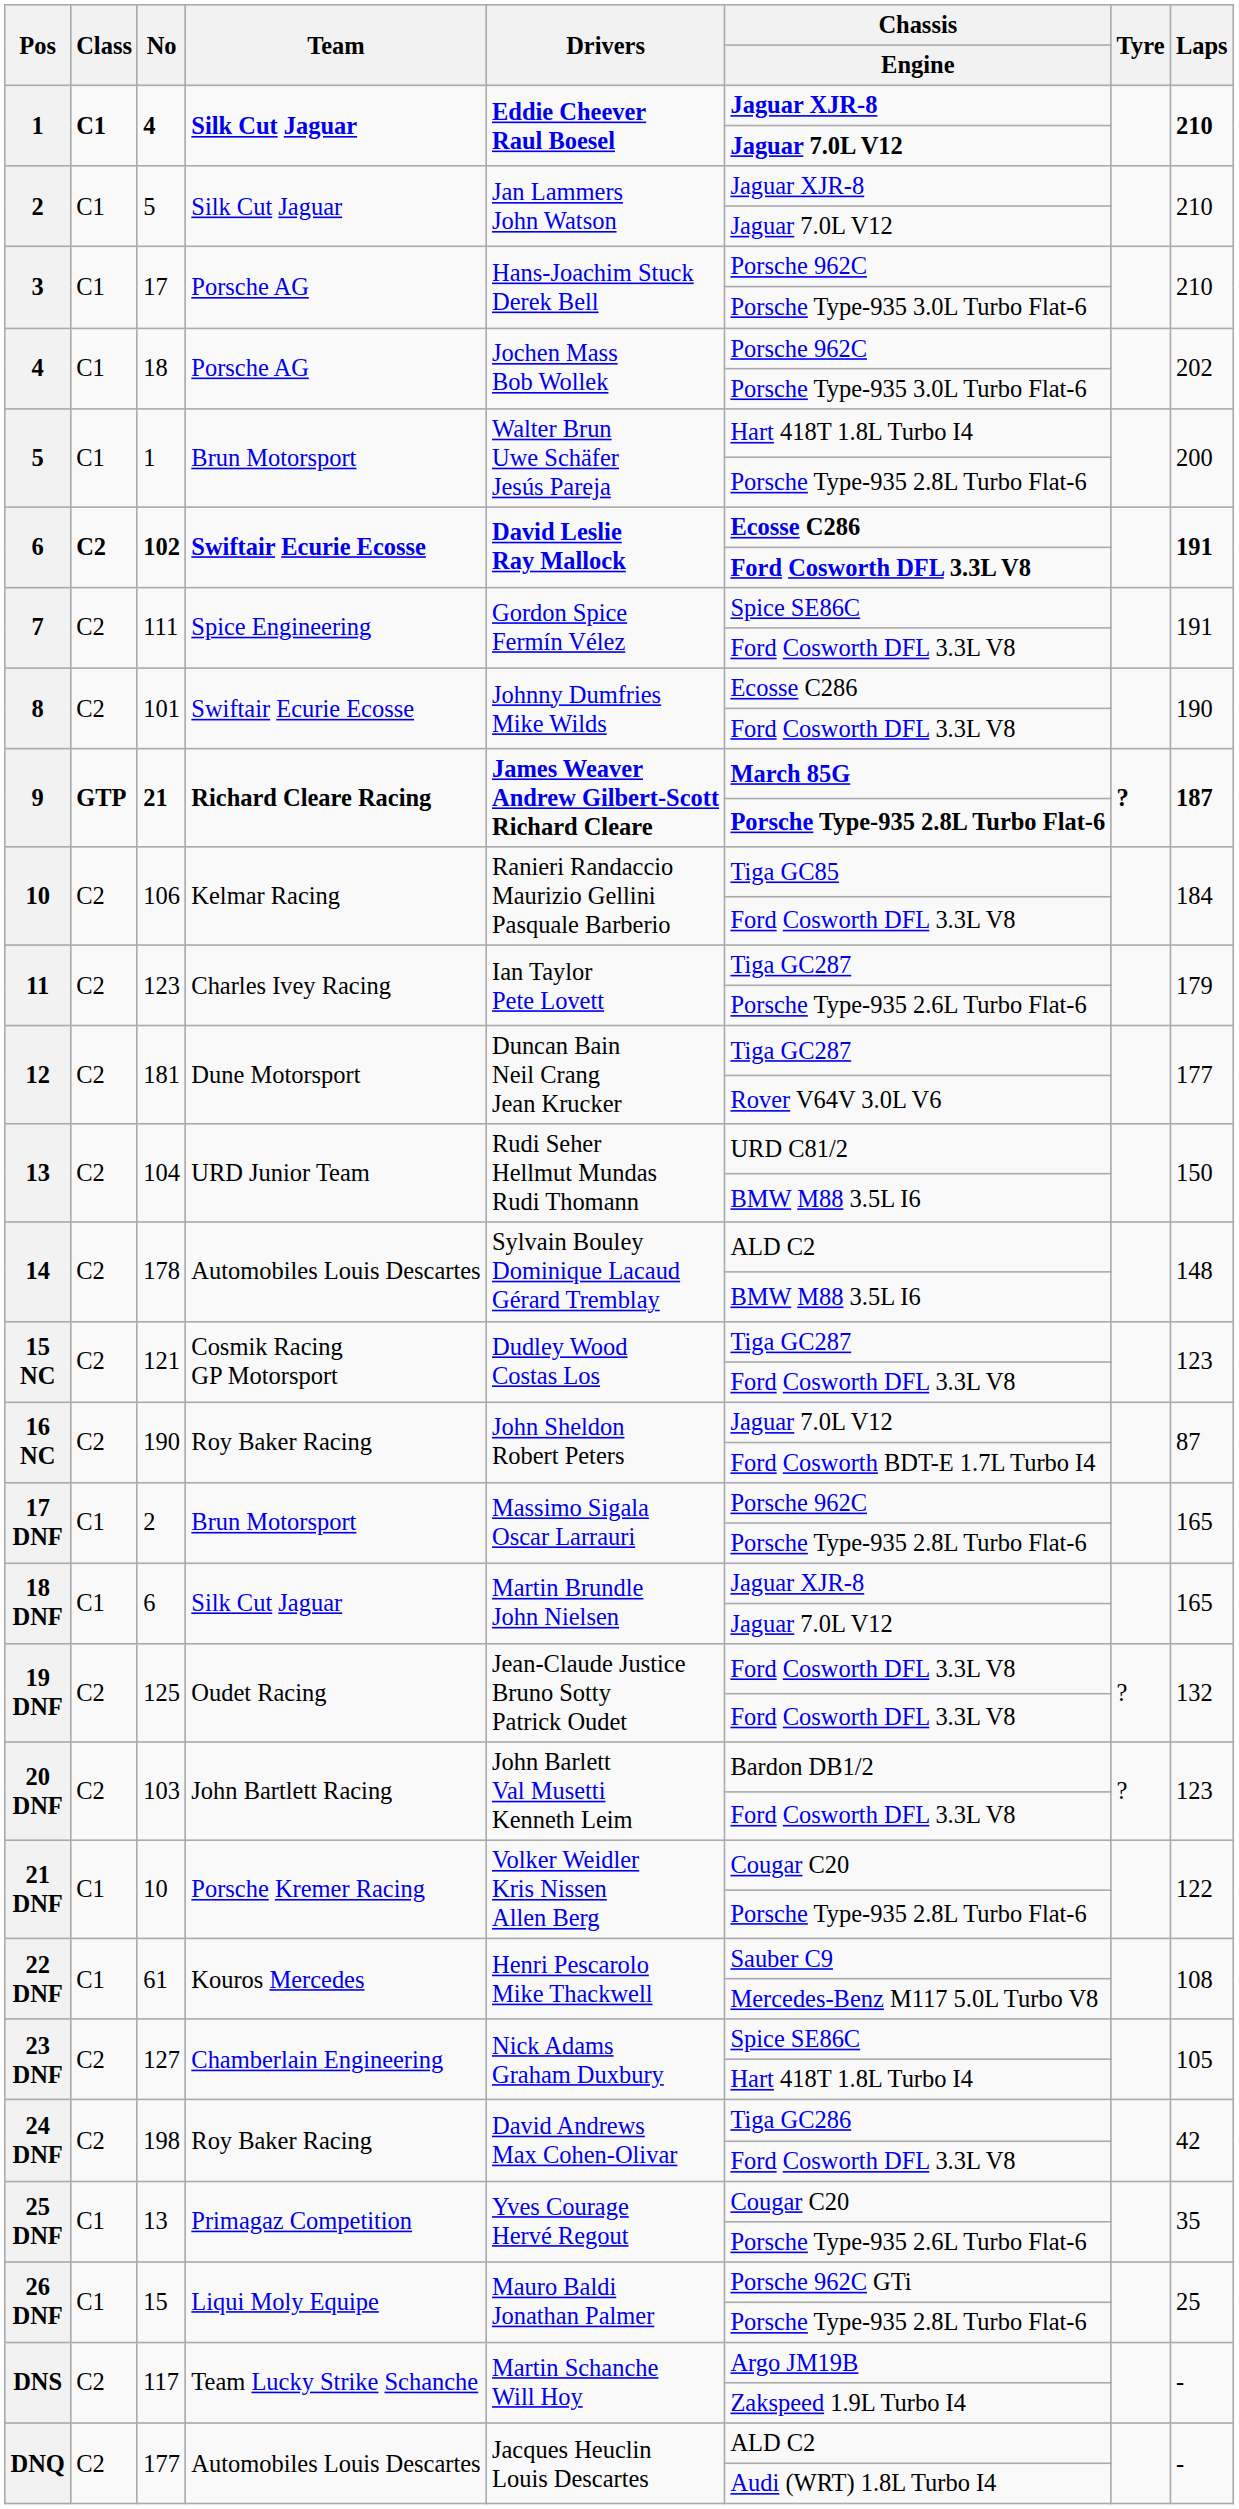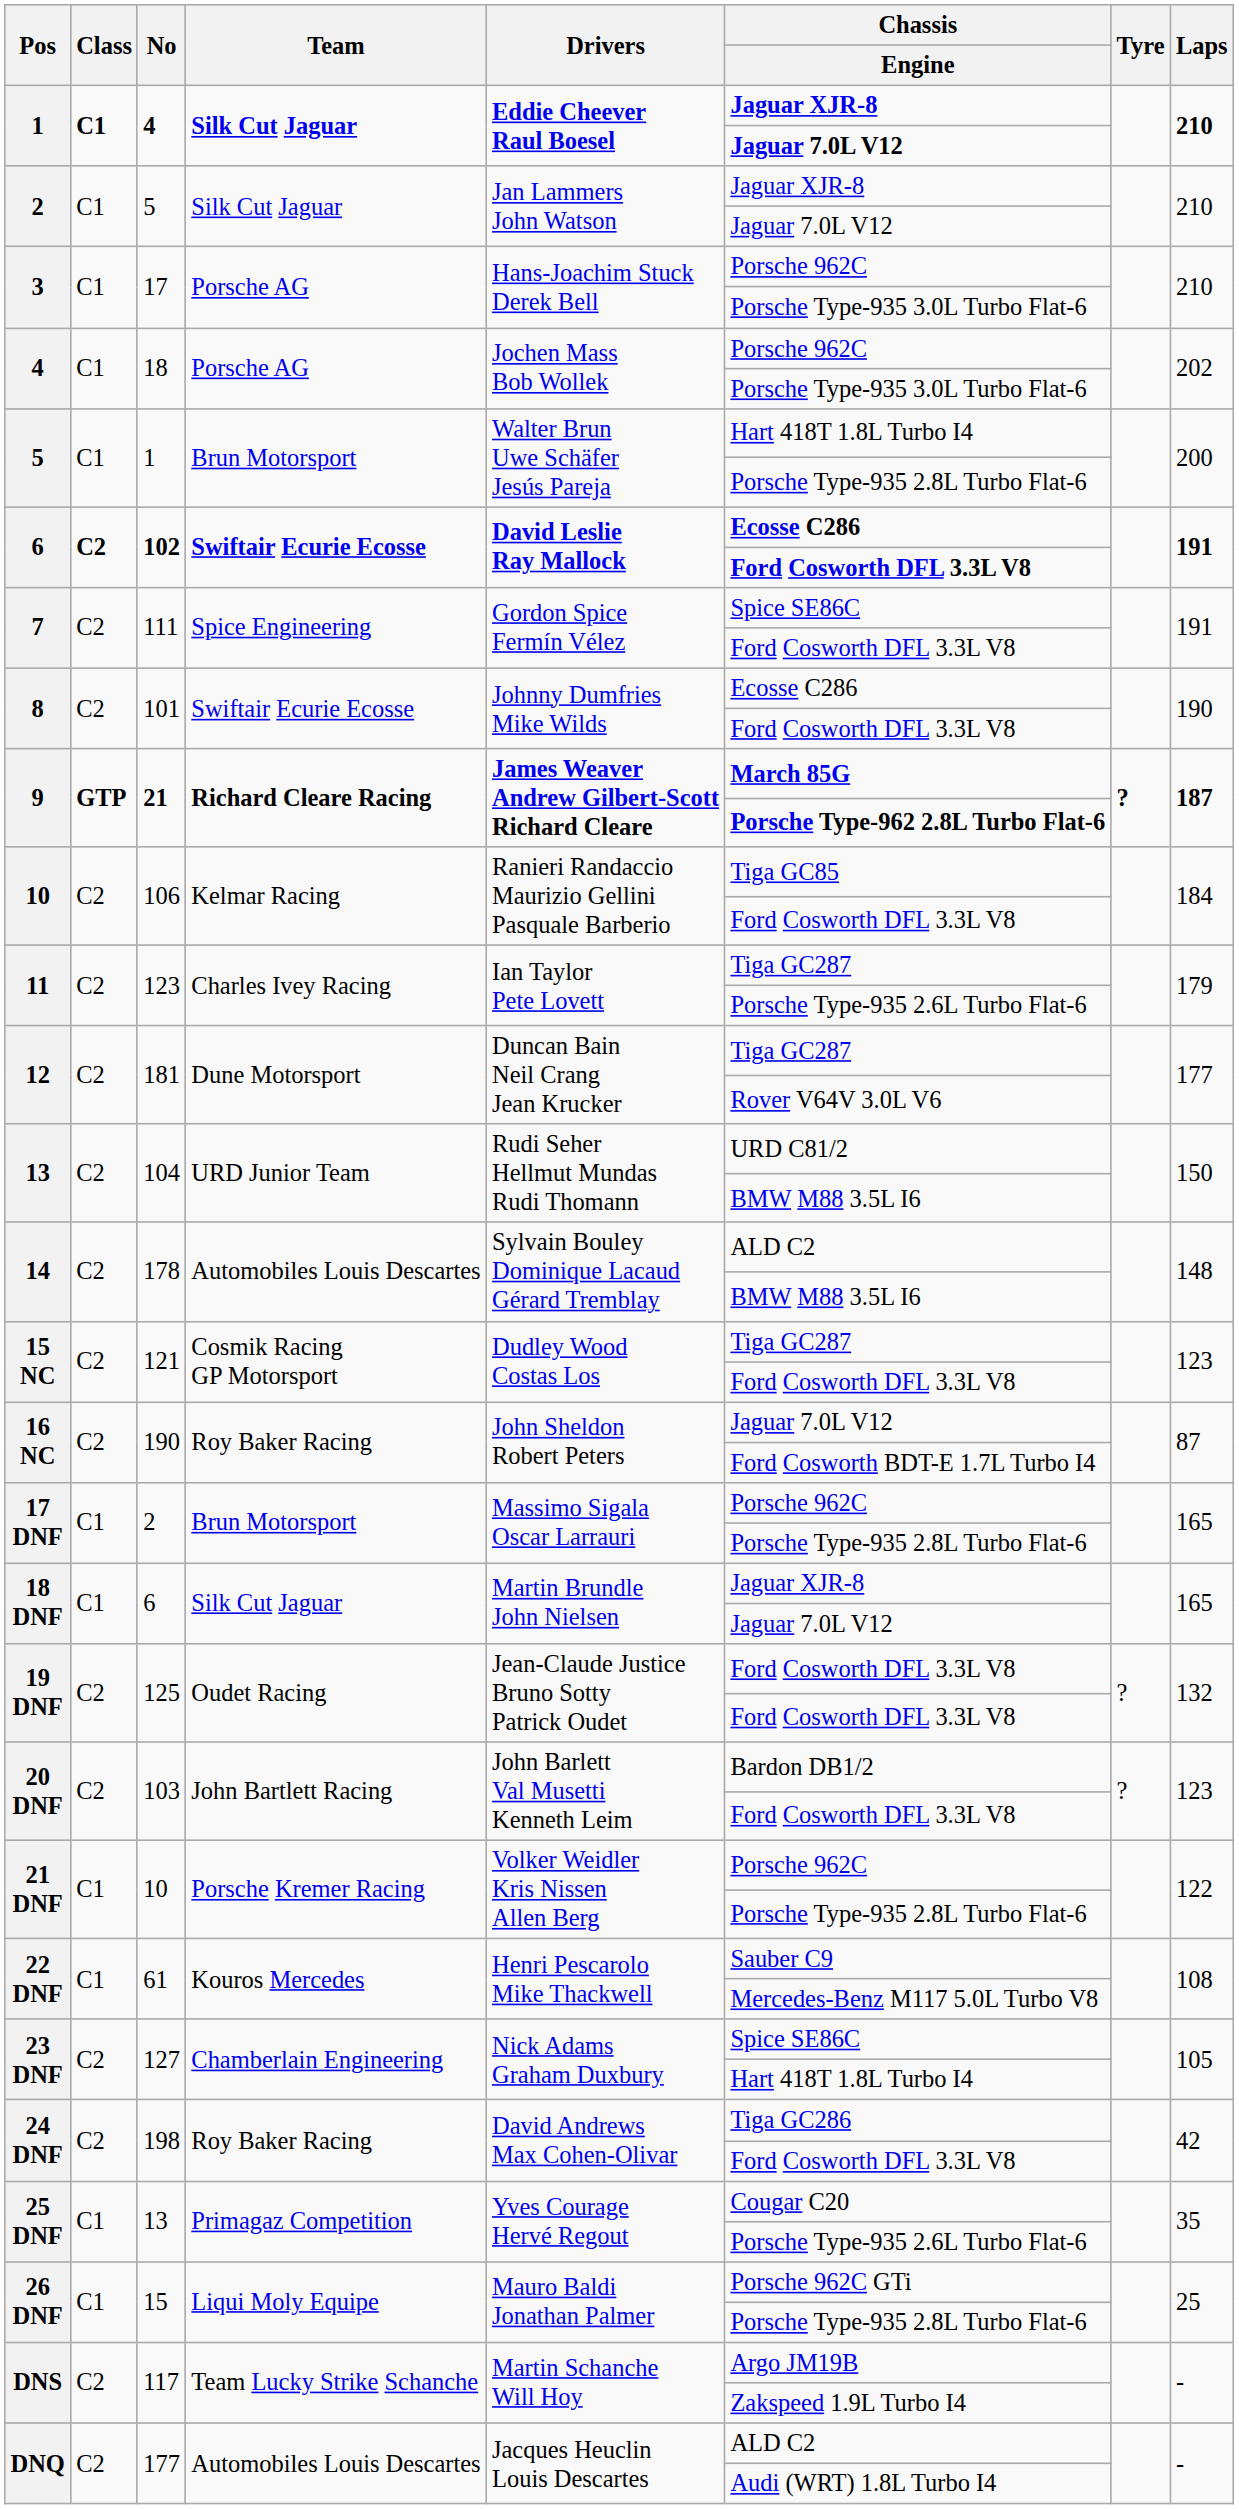 <table class="wikitable" style="font-size: 95%;">
 <tr>
 <th rowspan=2>Pos</th>
 <th rowspan=2>Class</th>
 <th rowspan=2>No</th>
 <th rowspan=2>Team</th>
 <th rowspan=2>Drivers</th>
 <th>Chassis</th>
 <th rowspan=2>Tyre</th>
 <th rowspan=2>Laps</th>
 </tr>
 <tr>
 <th>Engine</th>
 </tr>
 <tr style="font-weight:bold">
 <th rowspan=2>1</th>
 <td rowspan=2>C1</td>
 <td rowspan=2>4</td>
 <td rowspan=2> <a href='#'>Silk Cut</a> <a href='#'>Jaguar</a></td>
 <td rowspan=2> <a href='#'>Eddie Cheever</a><br> <a href='#'>Raul Boesel</a></td>
 <td><a href='#'>Jaguar XJR-8</a></td>
 <td rowspan=2></td>
 <td rowspan=2>210</td>
 </tr>
 <tr style="font-weight:bold">
 <td><a href='#'>Jaguar</a> 7.0L V12</td>
 </tr>
 <tr>
 <th rowspan=2>2</th>
 <td rowspan=2>C1</td>
 <td rowspan=2>5</td>
 <td rowspan=2> <a href='#'>Silk Cut</a> <a href='#'>Jaguar</a></td>
 <td rowspan=2> <a href='#'>Jan Lammers</a><br> <a href='#'>John Watson</a></td>
 <td><a href='#'>Jaguar XJR-8</a></td>
 <td rowspan=2></td>
 <td rowspan=2>210</td>
 </tr>
 <tr>
 <td><a href='#'>Jaguar</a> 7.0L V12</td>
 </tr>
 <tr>
 <th rowspan=2>3</th>
 <td rowspan=2>C1</td>
 <td rowspan=2>17</td>
 <td rowspan=2> <a href='#'>Porsche AG</a></td>
 <td rowspan=2> <a href='#'>Hans-Joachim Stuck</a><br> <a href='#'>Derek Bell</a></td>
 <td><a href='#'>Porsche 962C</a></td>
 <td rowspan=2></td>
 <td rowspan=2>210</td>
 </tr>
 <tr>
 <td><a href='#'>Porsche</a> Type-935 3.0L Turbo Flat-6</td>
 </tr>
 <tr>
 <th rowspan=2>4</th>
 <td rowspan=2>C1</td>
 <td rowspan=2>18</td>
 <td rowspan=2> <a href='#'>Porsche AG</a></td>
 <td rowspan=2> <a href='#'>Jochen Mass</a><br> <a href='#'>Bob Wollek</a></td>
 <td><a href='#'>Porsche 962C</a></td>
 <td rowspan=2></td>
 <td rowspan=2>202</td>
 </tr>
 <tr>
 <td><a href='#'>Porsche</a> Type-935 3.0L Turbo Flat-6</td>
 </tr>
 <tr>
 <th rowspan=2>5</th>
 <td rowspan=2>C1</td>
 <td rowspan=2>1</td>
 <td rowspan=2> <a href='#'>Brun Motorsport</a></td>
 <td rowspan=2> <a href='#'>Walter Brun</a><br> <a href='#'>Uwe Schäfer</a><br> <a href='#'>Jesús Pareja</a></td>
 <td><a href='#'>Hart</a> 418T 1.8L Turbo I4</td>
 <td rowspan=2></td>
 <td rowspan=2>200</td>
 </tr>
 <tr>
 <td><a href='#'>Porsche</a> Type-935 2.8L Turbo Flat-6</td>
 </tr>
 <tr style="font-weight:bold">
 <th rowspan=2>6</th>
 <td rowspan=2>C2</td>
 <td rowspan=2>102</td>
 <td rowspan=2> <a href='#'>Swiftair</a> <a href='#'>Ecurie Ecosse</a></td>
 <td rowspan=2> <a href='#'>David Leslie</a><br> <a href='#'>Ray Mallock</a></td>
 <td><a href='#'>Ecosse</a> C286</td>
 <td rowspan=2></td>
 <td rowspan=2>191</td>
 </tr>
 <tr style="font-weight:bold">
 <td><a href='#'>Ford</a> <a href='#'>Cosworth DFL</a> 3.3L V8</td>
 </tr>
 <tr>
 <th rowspan=2>7</th>
 <td rowspan=2>C2</td>
 <td rowspan=2>111</td>
 <td rowspan=2> <a href='#'>Spice Engineering</a></td>
 <td rowspan=2> <a href='#'>Gordon Spice</a><br> <a href='#'>Fermín Vélez</a></td>
 <td><a href='#'>Spice SE86C</a></td>
 <td rowspan=2></td>
 <td rowspan=2>191</td>
 </tr>
 <tr>
 <td><a href='#'>Ford</a> <a href='#'>Cosworth DFL</a> 3.3L V8</td>
 </tr>
 <tr>
 <th rowspan=2>8</th>
 <td rowspan=2>C2</td>
 <td rowspan=2>101</td>
 <td rowspan=2> <a href='#'>Swiftair</a> <a href='#'>Ecurie Ecosse</a></td>
 <td rowspan=2> <a href='#'>Johnny Dumfries</a><br> <a href='#'>Mike Wilds</a></td>
 <td><a href='#'>Ecosse</a> C286</td>
 <td rowspan=2></td>
 <td rowspan=2>190</td>
 </tr>
 <tr>
 <td><a href='#'>Ford</a> <a href='#'>Cosworth DFL</a> 3.3L V8</td>
 </tr>
 <tr style="font-weight:bold">
 <th rowspan=2>9</th>
 <td rowspan=2>GTP</td>
 <td rowspan=2>21</td>
 <td rowspan=2> Richard Cleare Racing</td>
 <td rowspan=2> <a href='#'>James Weaver</a><br> <a href='#'>Andrew Gilbert-Scott</a><br> Richard Cleare</td>
 <td><a href='#'>March 85G</a></td>
 <td rowspan=2>?</td>
 <td rowspan=2>187</td>
 </tr>
 <tr style="font-weight:bold">
-<td><a href='#'>Porsche</a> Type-935 2.8L Turbo Flat-6</td>
+<td><a href='#'>Porsche</a> Type-962 2.8L Turbo Flat-6</td>
 </tr>
 <tr>
 <th rowspan=2>10</th>
 <td rowspan=2>C2</td>
 <td rowspan=2>106</td>
 <td rowspan=2> Kelmar Racing</td>
 <td rowspan=2> Ranieri Randaccio<br> Maurizio Gellini<br> Pasquale Barberio</td>
 <td><a href='#'>Tiga GC85</a></td>
 <td rowspan=2></td>
 <td rowspan=2>184</td>
 </tr>
 <tr>
 <td><a href='#'>Ford</a> <a href='#'>Cosworth DFL</a> 3.3L V8</td>
 </tr>
 <tr>
 <th rowspan=2>11</th>
 <td rowspan=2>C2</td>
 <td rowspan=2>123</td>
 <td rowspan=2> Charles Ivey Racing</td>
 <td rowspan=2> Ian Taylor<br> <a href='#'>Pete Lovett</a></td>
 <td><a href='#'>Tiga GC287</a></td>
 <td rowspan=2></td>
 <td rowspan=2>179</td>
 </tr>
 <tr>
 <td><a href='#'>Porsche</a> Type-935 2.6L Turbo Flat-6</td>
 </tr>
 <tr>
 <th rowspan=2>12</th>
 <td rowspan=2>C2</td>
 <td rowspan=2>181</td>
 <td rowspan=2> Dune Motorsport</td>
 <td rowspan=2> Duncan Bain<br> Neil Crang<br> Jean Krucker</td>
 <td><a href='#'>Tiga GC287</a></td>
 <td rowspan=2></td>
 <td rowspan=2>177</td>
 </tr>
 <tr>
 <td><a href='#'>Rover</a> V64V 3.0L V6</td>
 </tr>
 <tr>
 <th rowspan=2>13</th>
 <td rowspan=2>C2</td>
 <td rowspan=2>104</td>
 <td rowspan=2> URD Junior Team</td>
 <td rowspan=2> Rudi Seher<br> Hellmut Mundas<br> Rudi Thomann</td>
 <td>URD C81/2</td>
 <td rowspan=2></td>
 <td rowspan=2>150</td>
 </tr>
 <tr>
 <td><a href='#'>BMW</a> <a href='#'>M88</a> 3.5L I6</td>
 </tr>
 <tr>
 <th rowspan=2>14</th>
 <td rowspan=2>C2</td>
 <td rowspan=2>178</td>
 <td rowspan=2> Automobiles Louis Descartes</td>
 <td rowspan=2> Sylvain Bouley<br> <a href='#'>Dominique Lacaud</a><br> <a href='#'>Gérard Tremblay</a></td>
 <td>ALD C2</td>
 <td rowspan=2></td>
 <td rowspan=2>148</td>
 </tr>
 <tr>
 <td><a href='#'>BMW</a> <a href='#'>M88</a> 3.5L I6</td>
 </tr>
 <tr>
 <th rowspan=2>15<br>NC</th>
 <td rowspan=2>C2</td>
 <td rowspan=2>121</td>
 <td rowspan=2> Cosmik Racing<br> GP Motorsport</td>
 <td rowspan=2> <a href='#'>Dudley Wood</a><br> <a href='#'>Costas Los</a></td>
 <td><a href='#'>Tiga GC287</a></td>
 <td rowspan=2></td>
 <td rowspan=2>123</td>
 </tr>
 <tr>
 <td><a href='#'>Ford</a> <a href='#'>Cosworth DFL</a> 3.3L V8</td>
 </tr>
 <tr>
 <th rowspan=2>16<br>NC</th>
 <td rowspan=2>C2</td>
 <td rowspan=2>190</td>
 <td rowspan=2> Roy Baker Racing</td>
 <td rowspan=2> <a href='#'>John Sheldon</a><br> Robert Peters</td>
 <td><a href='#'>Jaguar</a> 7.0L V12</td>
 <td rowspan=2></td>
 <td rowspan=2>87</td>
 </tr>
 <tr>
 <td><a href='#'>Ford</a> <a href='#'>Cosworth</a> BDT-E 1.7L Turbo I4</td>
 </tr>
 <tr>
 <th rowspan=2>17<br>DNF</th>
 <td rowspan=2>C1</td>
 <td rowspan=2>2</td>
 <td rowspan=2> <a href='#'>Brun Motorsport</a></td>
 <td rowspan=2> <a href='#'>Massimo Sigala</a><br> <a href='#'>Oscar Larrauri</a></td>
 <td><a href='#'>Porsche 962C</a></td>
 <td rowspan=2></td>
 <td rowspan=2>165</td>
 </tr>
 <tr>
 <td><a href='#'>Porsche</a> Type-935 2.8L Turbo Flat-6</td>
 </tr>
 <tr>
 <th rowspan=2>18<br>DNF</th>
 <td rowspan=2>C1</td>
 <td rowspan=2>6</td>
 <td rowspan=2> <a href='#'>Silk Cut</a> <a href='#'>Jaguar</a></td>
 <td rowspan=2> <a href='#'>Martin Brundle</a><br> <a href='#'>John Nielsen</a></td>
 <td><a href='#'>Jaguar XJR-8</a></td>
 <td rowspan=2></td>
 <td rowspan=2>165</td>
 </tr>
 <tr>
 <td><a href='#'>Jaguar</a> 7.0L V12</td>
 </tr>
 <tr>
 <th rowspan=2>19<br>DNF</th>
 <td rowspan=2>C2</td>
 <td rowspan=2>125</td>
 <td rowspan=2> Oudet Racing</td>
 <td rowspan=2> Jean-Claude Justice<br> Bruno Sotty<br> Patrick Oudet</td>
 <td><a href='#'>Ford</a> <a href='#'>Cosworth DFL</a> 3.3L V8</td>
 <td rowspan=2>?</td>
 <td rowspan=2>132</td>
 </tr>
 <tr>
 <td><a href='#'>Ford</a> <a href='#'>Cosworth DFL</a> 3.3L V8</td>
 </tr>
 <tr>
 <th rowspan=2>20<br>DNF</th>
 <td rowspan=2>C2</td>
 <td rowspan=2>103</td>
 <td rowspan=2> John Bartlett Racing</td>
 <td rowspan=2> John Barlett<br> <a href='#'>Val Musetti</a><br> Kenneth Leim</td>
 <td>Bardon DB1/2</td>
 <td rowspan=2>?</td>
 <td rowspan=2>123</td>
 </tr>
 <tr>
 <td><a href='#'>Ford</a> <a href='#'>Cosworth DFL</a> 3.3L V8</td>
 </tr>
 <tr>
 <th rowspan=2>21<br>DNF</th>
 <td rowspan=2>C1</td>
 <td rowspan=2>10</td>
 <td rowspan=2> <a href='#'>Porsche</a> <a href='#'>Kremer Racing</a></td>
 <td rowspan=2> <a href='#'>Volker Weidler</a><br> <a href='#'>Kris Nissen</a><br> <a href='#'>Allen Berg</a></td>
-<td><a href='#'>Cougar</a> C20</td>
+<td><a href='#'>Porsche 962C</a></td>
 <td rowspan=2></td>
 <td rowspan=2>122</td>
 </tr>
 <tr>
 <td><a href='#'>Porsche</a> Type-935 2.8L Turbo Flat-6</td>
 </tr>
 <tr>
 <th rowspan=2>22<br>DNF</th>
 <td rowspan=2>C1</td>
 <td rowspan=2>61</td>
 <td rowspan=2> Kouros <a href='#'>Mercedes</a></td>
 <td rowspan=2> <a href='#'>Henri Pescarolo</a><br> <a href='#'>Mike Thackwell</a></td>
 <td><a href='#'>Sauber C9</a></td>
 <td rowspan=2></td>
 <td rowspan=2>108</td>
 </tr>
 <tr>
 <td><a href='#'>Mercedes-Benz</a> M117 5.0L Turbo V8</td>
 </tr>
 <tr>
 <th rowspan=2>23<br>DNF</th>
 <td rowspan=2>C2</td>
 <td rowspan=2>127</td>
 <td rowspan=2> <a href='#'>Chamberlain Engineering</a></td>
 <td rowspan=2> <a href='#'>Nick Adams</a><br> <a href='#'>Graham Duxbury</a></td>
 <td><a href='#'>Spice SE86C</a></td>
 <td rowspan=2></td>
 <td rowspan=2>105</td>
 </tr>
 <tr>
 <td><a href='#'>Hart</a> 418T 1.8L Turbo I4</td>
 </tr>
 <tr>
 <th rowspan=2>24<br>DNF</th>
 <td rowspan=2>C2</td>
 <td rowspan=2>198</td>
 <td rowspan=2> Roy Baker Racing</td>
 <td rowspan=2> <a href='#'>David Andrews</a><br> <a href='#'>Max Cohen-Olivar</a></td>
 <td><a href='#'>Tiga GC286</a></td>
 <td rowspan=2></td>
 <td rowspan=2>42</td>
 </tr>
 <tr>
 <td><a href='#'>Ford</a> <a href='#'>Cosworth DFL</a> 3.3L V8</td>
 </tr>
 <tr>
 <th rowspan=2>25<br>DNF</th>
 <td rowspan=2>C1</td>
 <td rowspan=2>13</td>
 <td rowspan=2> <a href='#'>Primagaz Competition</a></td>
 <td rowspan=2> <a href='#'>Yves Courage</a><br> <a href='#'>Hervé Regout</a></td>
 <td><a href='#'>Cougar</a> C20</td>
 <td rowspan=2></td>
 <td rowspan=2>35</td>
 </tr>
 <tr>
 <td><a href='#'>Porsche</a> Type-935 2.6L Turbo Flat-6</td>
 </tr>
 <tr>
 <th rowspan=2>26<br>DNF</th>
 <td rowspan=2>C1</td>
 <td rowspan=2>15</td>
 <td rowspan=2> <a href='#'>Liqui Moly Equipe</a></td>
 <td rowspan=2> <a href='#'>Mauro Baldi</a><br> <a href='#'>Jonathan Palmer</a></td>
 <td><a href='#'>Porsche 962C</a> GTi</td>
 <td rowspan=2></td>
 <td rowspan=2>25</td>
 </tr>
 <tr>
 <td><a href='#'>Porsche</a> Type-935 2.8L Turbo Flat-6</td>
 </tr>
 <tr>
 <th rowspan=2>DNS</th>
 <td rowspan=2>C2</td>
 <td rowspan=2>117</td>
 <td rowspan=2> Team <a href='#'>Lucky Strike</a> <a href='#'>Schanche</a></td>
 <td rowspan=2> <a href='#'>Martin Schanche</a><br> <a href='#'>Will Hoy</a></td>
 <td><a href='#'>Argo JM19B</a></td>
 <td rowspan=2></td>
 <td rowspan=2>-</td>
 </tr>
 <tr>
 <td><a href='#'>Zakspeed</a> 1.9L Turbo I4</td>
 </tr>
 <tr>
 <th rowspan=2>DNQ</th>
 <td rowspan=2>C2</td>
 <td rowspan=2>177</td>
 <td rowspan=2> Automobiles Louis Descartes</td>
 <td rowspan=2> Jacques Heuclin<br> Louis Descartes</td>
 <td>ALD C2</td>
 <td rowspan=2></td>
 <td rowspan=2>-</td>
 </tr>
 <tr>
 <td><a href='#'>Audi</a> (WRT) 1.8L Turbo I4</td>
 </tr>
 </table>
